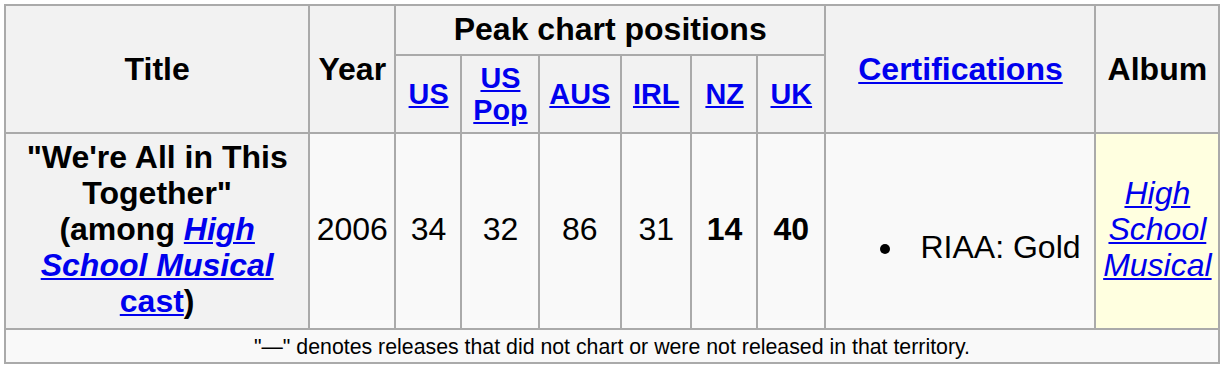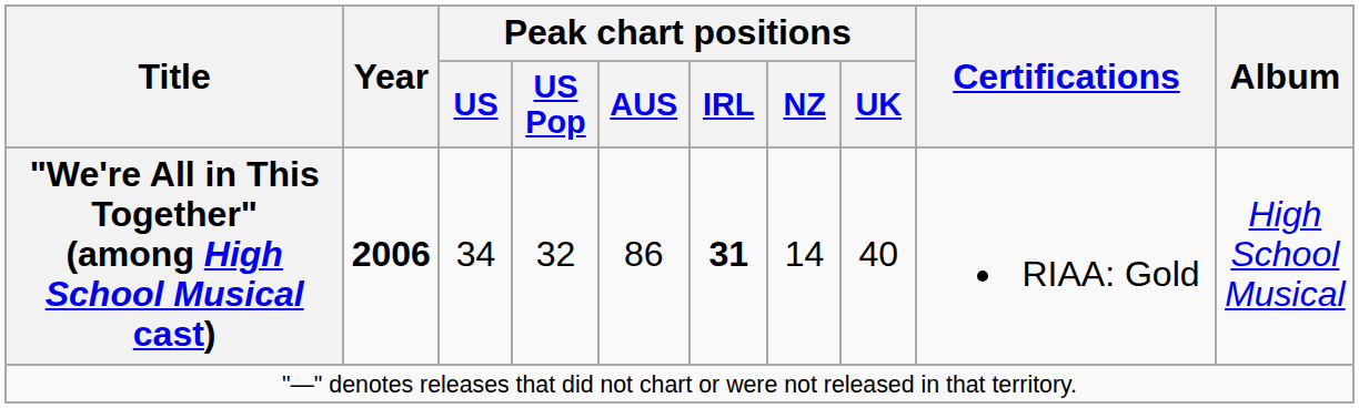 <table class="wikitable plainrowheaders" style="text-align:center;" border="1">
 <tr>
 <th scope="col" rowspan="2" style="width:20em;">Title</th>
 <th scope="col" rowspan="2">Year</th>
 <th scope="col" colspan="6">Peak chart positions</th>
 <th scope="col" rowspan="2" style="width:12em;"><a href='#'>Certifications</a></th>
 <th scope="col" rowspan="2">Album</th>
 </tr>
 <tr>
 <th scope="col" style="width:3em;font-size:90%;"><a href='#'>US</a><br></th>
 <th scope="col" style="width:3em;font-size:90%;"><a href='#'>US<br>Pop</a><br></th>
 <th scope="col" style="width:3em;font-size:90%;"><a href='#'>AUS</a><br></th>
 <th scope="col" style="width:3em;font-size:90%;"><a href='#'>IRL</a><br></th>
 <th scope="col" style="width:3em;font-size:90%;"><a href='#'>NZ</a><br></th>
 <th scope="col" style="width:3em;font-size:90%;"><a href='#'>UK</a><br></th>
 </tr>
 <tr>
 <th scope="row">"We're All in This Together"<br><span>(among <a href='#'><em>High School Musical</em> cast</a>)</span></th>
-<td>2006</td>
+<td><strong>2006</strong></td>
 <td>34</td>
 <td>32</td>
 <td>86</td>
-<td>31</td>
-<td><strong>14</strong></td>
-<td><strong>40</strong></td>
+<td><strong>31</strong></td>
+<td>14</td>
+<td>40</td>
 <td><br><ul><li>RIAA: Gold</li></ul></td>
-<td style="background: lightyellow;"><em><a href='#'>High School Musical</a></em></td>
+<td><em><a href='#'>High School Musical</a></em></td>
 </tr>
 <tr>
 <td align="center" colspan="15" style="font-size:8pt">"—" denotes releases that did not chart or were not released in that territory.</td>
 </tr>
 </table>
